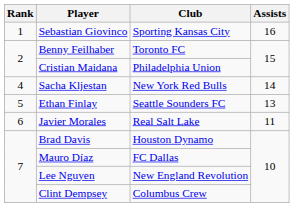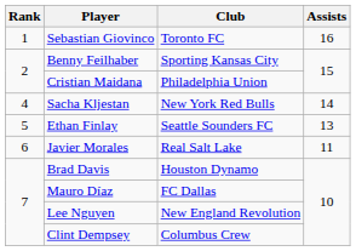 <table class="wikitable" style="text-align:center">
 <tr>
 <th>Rank</th>
 <th>Player</th>
 <th>Club</th>
 <th>Assists</th>
 </tr>
 <tr>
 <td>1</td>
 <td align="left"> <a href='#'>Sebastian Giovinco</a></td>
-<td align="left"><a href='#'>Sporting Kansas City</a></td>
+<td align="left"><a href='#'>Toronto FC</a></td>
 <td>16</td>
 </tr>
 <tr>
 <td rowspan="2">2</td>
 <td align="left"> <a href='#'>Benny Feilhaber</a></td>
-<td align="left"><a href='#'>Toronto FC</a></td>
+<td align="left"><a href='#'>Sporting Kansas City</a></td>
 <td rowspan="2">15</td>
 </tr>
 <tr>
 <td align="left"> <a href='#'>Cristian Maidana</a></td>
 <td align="left"><a href='#'>Philadelphia Union</a></td>
 </tr>
 <tr>
 <td>4</td>
 <td align="left"> <a href='#'>Sacha Kljestan</a></td>
 <td align="left"><a href='#'>New York Red Bulls</a></td>
 <td>14</td>
 </tr>
 <tr>
 <td>5</td>
 <td align="left"> <a href='#'>Ethan Finlay</a></td>
 <td align="left"><a href='#'>Seattle Sounders FC</a></td>
 <td>13</td>
 </tr>
 <tr>
 <td>6</td>
 <td align="left"> <a href='#'>Javier Morales</a></td>
 <td align="left"><a href='#'>Real Salt Lake</a></td>
 <td>11</td>
 </tr>
 <tr>
 <td rowspan="4">7</td>
 <td align="left"> <a href='#'>Brad Davis</a></td>
 <td align="left"><a href='#'>Houston Dynamo</a></td>
 <td rowspan="4">10</td>
 </tr>
 <tr>
 <td align="left"> <a href='#'>Mauro Díaz</a></td>
 <td align="left"><a href='#'>FC Dallas</a></td>
 </tr>
 <tr>
 <td align="left"> <a href='#'>Lee Nguyen</a></td>
 <td align="left"><a href='#'>New England Revolution</a></td>
 </tr>
 <tr>
 <td align="left"> <a href='#'>Clint Dempsey</a></td>
 <td align="left"><a href='#'>Columbus Crew</a></td>
 </tr>
 </table>
